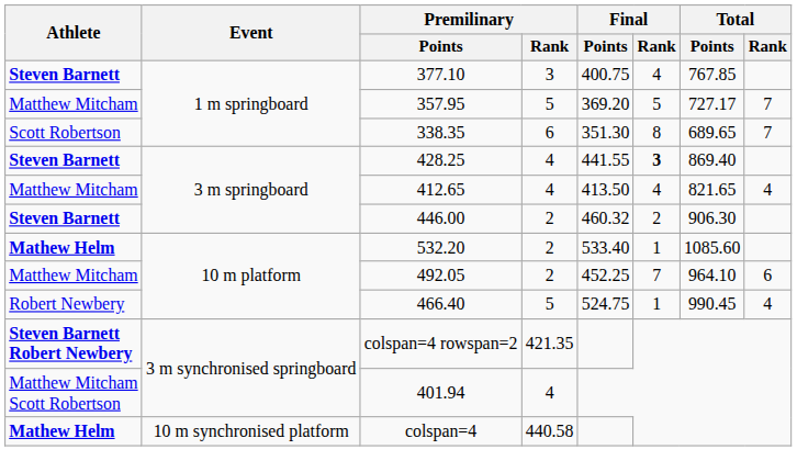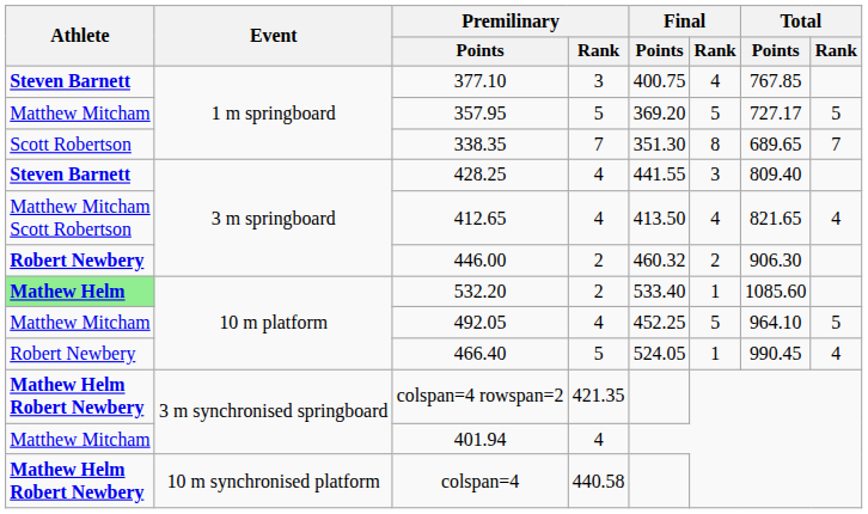 <table class=wikitable style="font-size:90%;text-align:center">
 <tr>
 <th rowspan=2>Athlete</th>
 <th rowspan=2>Event</th>
 <th colspan=2>Premilinary</th>
 <th colspan=2>Final</th>
 <th colspan=2>Total</th>
 </tr>
 <tr style="font-size:95%">
 <th>Points</th>
 <th>Rank</th>
 <th>Points</th>
 <th>Rank</th>
 <th>Points</th>
 <th>Rank</th>
 </tr>
 <tr>
 <td align=left><strong><a href='#'>Steven Barnett</a></strong></td>
 <td rowspan=3>1 m springboard</td>
 <td>377.10</td>
 <td>3</td>
 <td>400.75</td>
 <td>4</td>
 <td>767.85</td>
 <td></td>
 </tr>
 <tr>
 <td align=left><a href='#'>Matthew Mitcham</a></td>
 <td>357.95</td>
 <td>5</td>
 <td>369.20</td>
 <td>5</td>
 <td>727.17</td>
-<td>7</td>
+<td>5</td>
 </tr>
 <tr>
 <td align=left><a href='#'>Scott Robertson</a></td>
 <td>338.35</td>
-<td>6</td>
+<td>7</td>
 <td>351.30</td>
 <td>8</td>
 <td>689.65</td>
 <td>7</td>
 </tr>
 <tr>
 <td align=left><strong><a href='#'>Steven Barnett</a></strong></td>
 <td rowspan=3>3 m springboard</td>
 <td>428.25</td>
 <td>4</td>
 <td>441.55</td>
-<td><strong>3</strong></td>
-<td>869.40</td>
+<td>3</td>
+<td>809.40</td>
 <td></td>
 </tr>
 <tr>
-<td align=left><a href='#'>Matthew Mitcham</a></td>
+<td align=left><a href='#'>Matthew Mitcham</a><br><a href='#'>Scott Robertson</a></td>
 <td>412.65</td>
 <td>4</td>
 <td>413.50</td>
 <td>4</td>
 <td>821.65</td>
 <td>4</td>
 </tr>
 <tr>
-<td align=left><strong><a href='#'>Steven Barnett</a></strong></td>
+<td align=left><strong><a href='#'>Robert Newbery</a></strong></td>
 <td>446.00</td>
 <td>2</td>
 <td>460.32</td>
 <td>2</td>
 <td>906.30</td>
 <td></td>
 </tr>
 <tr>
-<td align=left><strong><a href='#'>Mathew Helm</a></strong></td>
+<td align=left style="background: lightgreen;"><strong><a href='#'>Mathew Helm</a></strong></td>
 <td rowspan=3>10 m platform</td>
 <td>532.20</td>
 <td>2</td>
 <td>533.40</td>
 <td>1</td>
 <td>1085.60</td>
 <td></td>
 </tr>
 <tr>
 <td align=left><a href='#'>Matthew Mitcham</a></td>
 <td>492.05</td>
-<td>2</td>
+<td>4</td>
 <td>452.25</td>
-<td>7</td>
+<td>5</td>
 <td>964.10</td>
-<td>6</td>
+<td>5</td>
 </tr>
 <tr>
 <td align=left><a href='#'>Robert Newbery</a></td>
 <td>466.40</td>
 <td>5</td>
-<td>524.75</td>
+<td>524.05</td>
 <td>1</td>
 <td>990.45</td>
 <td>4</td>
 </tr>
 <tr>
-<td align=left><strong><a href='#'>Steven Barnett</a><br><a href='#'>Robert Newbery</a></strong></td>
+<td align=left><strong><a href='#'>Mathew Helm</a><br><a href='#'>Robert Newbery</a></strong></td>
 <td rowspan=2>3 m synchronised springboard</td>
 <td>colspan=4 rowspan=2 </td>
 <td>421.35</td>
 <td></td>
 </tr>
 <tr>
-<td align=left><a href='#'>Matthew Mitcham</a><br><a href='#'>Scott Robertson</a></td>
+<td align=left><a href='#'>Matthew Mitcham</a></td>
 <td>401.94</td>
 <td>4</td>
 </tr>
 <tr>
-<td align=left><strong><a href='#'>Mathew Helm</a></strong></td>
+<td align=left><strong><a href='#'>Mathew Helm</a><br><a href='#'>Robert Newbery</a></strong></td>
 <td>10 m synchronised platform</td>
 <td>colspan=4 </td>
 <td>440.58</td>
 <td></td>
 </tr>
 </table>
